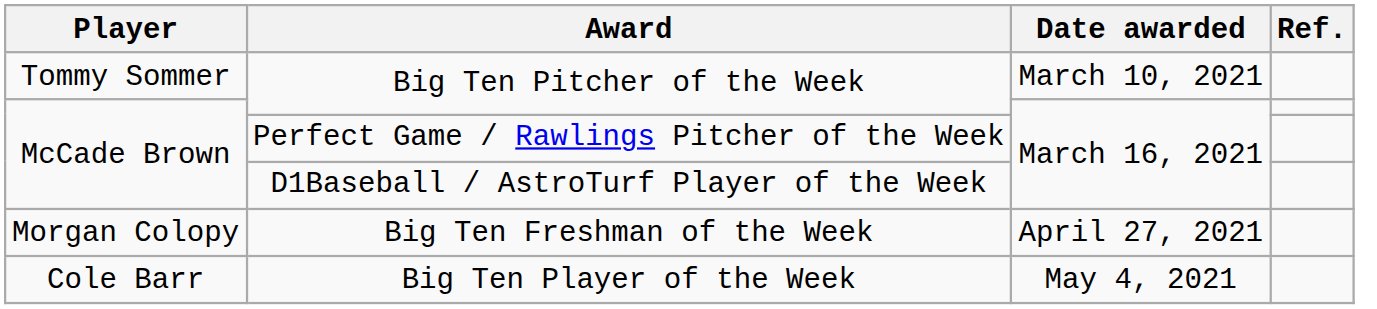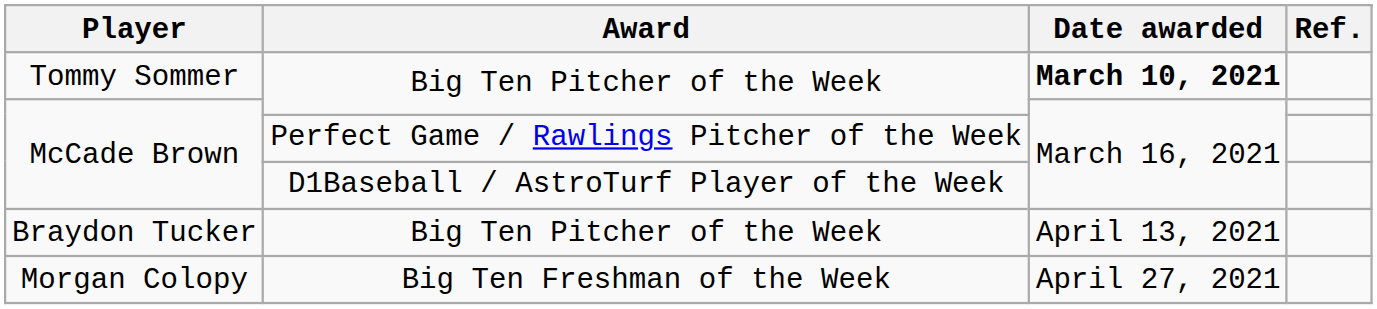 <table class="wikitable sortable sortable" style="text-align: center">
 <tr align=center>
 <th>Player</th>
 <th>Award</th>
 <th>Date awarded</th>
 <th>Ref.</th>
 </tr>
 <tr>
 <td>Tommy Sommer</td>
 <td rowspan="2">Big Ten Pitcher of the Week</td>
-<td rowspan="1">March 10, 2021</td>
+<td rowspan="1"><strong>March 10, 2021</strong></td>
 <td rowspan="1"></td>
 </tr>
 <tr>
 <td rowspan="3">McCade Brown</td>
 <td rowspan="3">March 16, 2021</td>
 <td rowspan="1"></td>
 </tr>
 <tr>
 <td>Perfect Game / <a href='#'>Rawlings</a> Pitcher of the Week</td>
 <td rowspan="1"></td>
 </tr>
 <tr>
 <td>D1Baseball / AstroTurf Player of the Week</td>
 <td rowspan="1"></td>
 </tr>
 <tr>
+<td>Braydon Tucker</td>
+<td>Big Ten Pitcher of the Week</td>
+<td>April 13, 2021</td>
+<td></td>
+</tr>
+<tr>
 <td>Morgan Colopy</td>
 <td>Big Ten Freshman of the Week</td>
 <td>April 27, 2021</td>
 <td></td>
 </tr>
-<tr>
-<td>Cole Barr</td>
-<td>Big Ten Player of the Week</td>
-<td>May 4, 2021</td>
-<td></td>
-</tr>
 </table>
